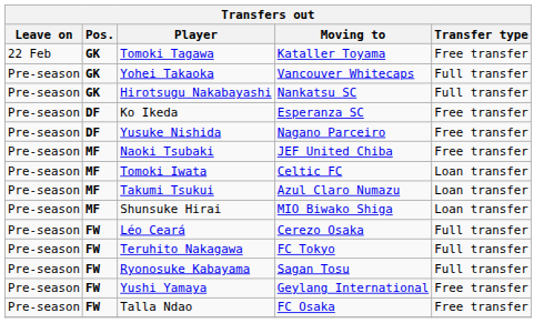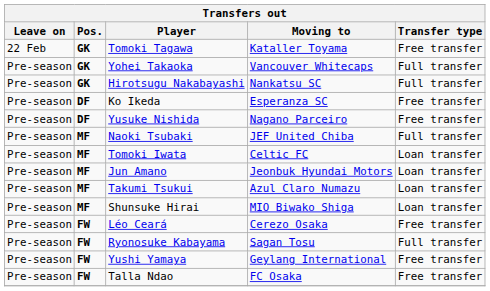 <table class="wikitable sortable" style=“text-align:left;>
 <tr>
 <th colspan="5">Transfers out</th>
 </tr>
 <tr>
 <th>Leave on</th>
 <th>Pos.</th>
 <th>Player</th>
 <th>Moving to</th>
 <th>Transfer type</th>
 </tr>
 <tr>
 <td>22 Feb</td>
 <td><strong>GK</strong></td>
 <td> <a href='#'>Tomoki Tagawa</a></td>
 <td> <a href='#'>Kataller Toyama</a></td>
 <td>Free transfer</td>
 </tr>
 <tr>
 <td>Pre-season</td>
 <td><strong>GK</strong></td>
 <td> <a href='#'>Yohei Takaoka</a></td>
 <td> <a href='#'>Vancouver Whitecaps</a></td>
 <td>Full transfer</td>
 </tr>
 <tr>
 <td>Pre-season</td>
 <td><strong>GK</strong></td>
 <td> <a href='#'>Hirotsugu Nakabayashi</a></td>
 <td> <a href='#'>Nankatsu SC</a></td>
 <td>Full transfer</td>
 </tr>
 <tr>
 <td>Pre-season</td>
 <td><strong>DF</strong></td>
 <td> Ko Ikeda</td>
 <td> <a href='#'>Esperanza SC</a></td>
 <td>Free transfer</td>
 </tr>
 <tr>
 <td>Pre-season</td>
 <td><strong>DF</strong></td>
 <td> <a href='#'>Yusuke Nishida</a></td>
 <td> <a href='#'>Nagano Parceiro</a></td>
 <td>Free transfer</td>
 </tr>
 <tr>
 <td>Pre-season</td>
 <td><strong>MF</strong></td>
 <td> <a href='#'>Naoki Tsubaki</a></td>
 <td> <a href='#'>JEF United Chiba</a></td>
-<td>Free transfer</td>
+<td>Full transfer</td>
 </tr>
 <tr>
 <td>Pre-season</td>
 <td><strong>MF</strong></td>
 <td> <a href='#'>Tomoki Iwata</a></td>
 <td> <a href='#'>Celtic FC</a></td>
+<td>Loan transfer</td>
+</tr>
+<tr>
+<td>Pre-season</td>
+<td><strong>MF</strong></td>
+<td> <a href='#'>Jun Amano</a></td>
+<td> <a href='#'>Jeonbuk Hyundai Motors</a></td>
 <td>Loan transfer</td>
 </tr>
 <tr>
 <td>Pre-season</td>
 <td><strong>MF</strong></td>
 <td> <a href='#'>Takumi Tsukui</a></td>
 <td> <a href='#'>Azul Claro Numazu</a></td>
 <td>Loan transfer</td>
 </tr>
 <tr>
 <td>Pre-season</td>
 <td><strong>MF</strong></td>
 <td> Shunsuke Hirai</td>
 <td> <a href='#'>MIO Biwako Shiga</a></td>
 <td>Loan transfer</td>
 </tr>
 <tr>
 <td>Pre-season</td>
 <td><strong>FW</strong></td>
 <td> <a href='#'>Léo Ceará</a></td>
 <td> <a href='#'>Cerezo Osaka</a></td>
-<td>Full transfer</td>
-</tr>
-<tr>
-<td>Pre-season</td>
-<td><strong>FW</strong></td>
-<td> <a href='#'>Teruhito Nakagawa</a></td>
-<td> <a href='#'>FC Tokyo</a></td>
-<td>Full transfer</td>
+<td>Free transfer</td>
 </tr>
 <tr>
 <td>Pre-season</td>
 <td><strong>FW</strong></td>
 <td> <a href='#'>Ryonosuke Kabayama</a></td>
 <td> <a href='#'>Sagan Tosu</a></td>
 <td>Full transfer</td>
 </tr>
 <tr>
 <td>Pre-season</td>
 <td><strong>FW</strong></td>
 <td> <a href='#'>Yushi Yamaya</a></td>
 <td> <a href='#'>Geylang International</a></td>
 <td>Free transfer</td>
 </tr>
 <tr>
 <td>Pre-season</td>
 <td><strong>FW</strong></td>
 <td> Talla Ndao</td>
 <td> <a href='#'>FC Osaka</a></td>
 <td>Free transfer</td>
 </tr>
 <tr>
 </tr>
 </table>
